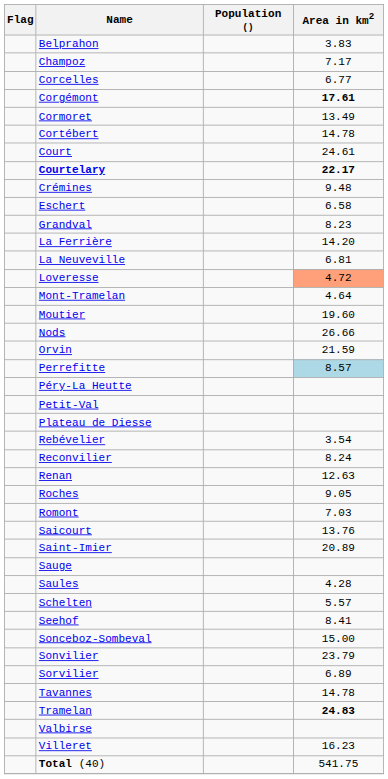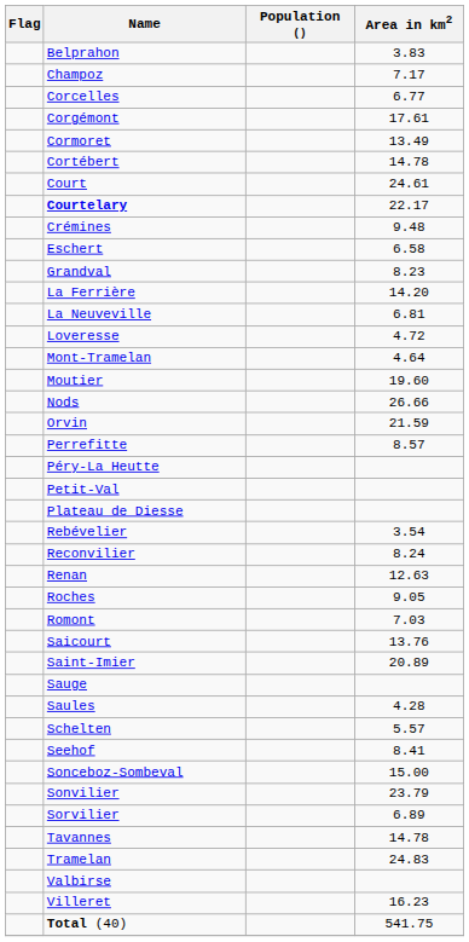 <table class="wikitable">
 <tr>
 <th>Flag</th>
 <th width="190">Name</th>
 <th width="100">Population<br><small>()</small></th>
 <th width="100">Area in km<sup>2</sup></th>
 </tr>
 <tr>
 <td align="center"></td>
 <td><a href='#'>Belprahon</a></td>
 <td align="center"></td>
 <td align="center">3.83</td>
 </tr>
 <tr>
 <td align="center"></td>
 <td><a href='#'>Champoz</a></td>
 <td align="center"></td>
 <td align="center">7.17</td>
 </tr>
 <tr>
 <td align="center"></td>
 <td><a href='#'>Corcelles</a></td>
 <td align="center"></td>
 <td align="center">6.77</td>
 </tr>
 <tr>
 <td align="center"></td>
 <td><a href='#'>Corgémont</a></td>
 <td align="center"></td>
-<td align="center"><strong>17.61</strong></td>
+<td align="center">17.61</td>
 </tr>
 <tr>
 <td align="center"></td>
 <td><a href='#'>Cormoret</a></td>
 <td align="center"></td>
 <td align="center">13.49</td>
 </tr>
 <tr>
 <td align="center"></td>
 <td><a href='#'>Cortébert</a></td>
 <td align="center"></td>
 <td align="center">14.78</td>
 </tr>
 <tr>
 <td align="center"></td>
 <td><a href='#'>Court</a></td>
 <td align="center"></td>
 <td align="center">24.61</td>
 </tr>
 <tr>
 <td align="center"></td>
 <td><strong><a href='#'>Courtelary</a></strong></td>
 <td align="center"></td>
-<td align="center"><strong>22.17</strong></td>
+<td align="center">22.17</td>
 </tr>
 <tr>
 <td align="center"></td>
 <td><a href='#'>Crémines</a></td>
 <td align="center"></td>
 <td align="center">9.48</td>
 </tr>
 <tr>
 <td align="center"></td>
 <td><a href='#'>Eschert</a></td>
 <td align="center"></td>
 <td align="center">6.58</td>
 </tr>
 <tr>
 <td align="center"></td>
 <td><a href='#'>Grandval</a></td>
 <td align="center"></td>
 <td align="center">8.23</td>
 </tr>
 <tr>
 <td align="center"></td>
 <td><a href='#'>La Ferrière</a></td>
 <td align="center"></td>
 <td align="center">14.20</td>
 </tr>
 <tr>
 <td align="center"></td>
 <td><a href='#'>La Neuveville</a></td>
 <td align="center"></td>
 <td align="center">6.81</td>
 </tr>
 <tr>
 <td align="center"></td>
 <td><a href='#'>Loveresse</a></td>
 <td align="center"></td>
-<td align="center" style="background: lightsalmon;">4.72</td>
+<td align="center">4.72</td>
 </tr>
 <tr>
 <td align="center"></td>
 <td><a href='#'>Mont-Tramelan</a></td>
 <td align="center"></td>
 <td align="center">4.64</td>
 </tr>
 <tr>
 <td align="center"></td>
 <td><a href='#'>Moutier</a></td>
 <td align="center"></td>
 <td align="center">19.60</td>
 </tr>
 <tr>
 <td align="center"></td>
 <td><a href='#'>Nods</a></td>
 <td align="center"></td>
 <td align="center">26.66</td>
 </tr>
 <tr>
 <td align="center"></td>
 <td><a href='#'>Orvin</a></td>
 <td align="center"></td>
 <td align="center">21.59</td>
 </tr>
 <tr>
 <td align="center"></td>
 <td><a href='#'>Perrefitte</a></td>
 <td align="center"></td>
-<td align="center" style="background: lightblue;">8.57</td>
+<td align="center">8.57</td>
 </tr>
 <tr>
 <td align="center"></td>
 <td><a href='#'>Péry-La Heutte</a></td>
 <td align="center"></td>
 <td align="center"></td>
 </tr>
 <tr>
 <td align="center"></td>
 <td><a href='#'>Petit-Val</a></td>
 <td align="center"></td>
 <td align="center"></td>
 </tr>
 <tr>
 <td align="center"></td>
 <td><a href='#'>Plateau de Diesse</a></td>
 <td align="center"></td>
 <td align="center"></td>
 </tr>
 <tr>
 <td align="center"></td>
 <td><a href='#'>Rebévelier</a></td>
 <td align="center"></td>
 <td align="center">3.54</td>
 </tr>
 <tr>
 <td align="center"></td>
 <td><a href='#'>Reconvilier</a></td>
 <td align="center"></td>
 <td align="center">8.24</td>
 </tr>
 <tr>
 <td align="center"></td>
 <td><a href='#'>Renan</a></td>
 <td align="center"></td>
 <td align="center">12.63</td>
 </tr>
 <tr>
 <td align="center"></td>
 <td><a href='#'>Roches</a></td>
 <td align="center"></td>
 <td align="center">9.05</td>
 </tr>
 <tr>
 <td align="center"></td>
 <td><a href='#'>Romont</a></td>
 <td align="center"></td>
 <td align="center">7.03</td>
 </tr>
 <tr>
 <td align="center"></td>
 <td><a href='#'>Saicourt</a></td>
 <td align="center"></td>
 <td align="center">13.76</td>
 </tr>
 <tr>
 <td align="center"></td>
 <td><a href='#'>Saint-Imier</a></td>
 <td align="center"></td>
 <td align="center">20.89</td>
 </tr>
 <tr>
 <td align="center"></td>
 <td><a href='#'>Sauge</a></td>
 <td align="center"></td>
 <td align="center"></td>
 </tr>
 <tr>
 <td align="center"></td>
 <td><a href='#'>Saules</a></td>
 <td align="center"></td>
 <td align="center">4.28</td>
 </tr>
 <tr>
 <td align="center"></td>
 <td><a href='#'>Schelten</a></td>
 <td align="center"></td>
 <td align="center">5.57</td>
 </tr>
 <tr>
 <td align="center"></td>
 <td><a href='#'>Seehof</a></td>
 <td align="center"></td>
 <td align="center">8.41</td>
 </tr>
 <tr>
 <td align="center"></td>
 <td><a href='#'>Sonceboz-Sombeval</a></td>
 <td align="center"></td>
 <td align="center">15.00</td>
 </tr>
 <tr>
 <td align="center"></td>
 <td><a href='#'>Sonvilier</a></td>
 <td align="center"></td>
 <td align="center">23.79</td>
 </tr>
 <tr>
 <td align="center"></td>
 <td><a href='#'>Sorvilier</a></td>
 <td align="center"></td>
 <td align="center">6.89</td>
 </tr>
 <tr>
 <td align="center"></td>
 <td><a href='#'>Tavannes</a></td>
 <td align="center"></td>
 <td align="center">14.78</td>
 </tr>
 <tr>
 <td align="center"></td>
 <td><a href='#'>Tramelan</a></td>
 <td align="center"></td>
-<td align="center"><strong>24.83</strong></td>
+<td align="center">24.83</td>
 </tr>
 <tr>
 <td align="center"></td>
 <td><a href='#'>Valbirse</a></td>
 <td align="center"></td>
 <td align="center"></td>
 </tr>
 <tr>
 <td align="center"></td>
 <td><a href='#'>Villeret</a></td>
 <td align="center"></td>
 <td align="center">16.23</td>
 </tr>
 <tr>
 <td></td>
 <td><strong>Total</strong> (40)</td>
 <td align="center"></td>
 <td align="center">541.75</td>
 </tr>
 <tr>
 </tr>
 </table>
